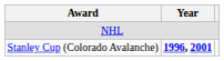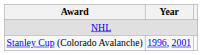 <table class="wikitable">
 <tr>
 <th>Award</th>
 <th>Year</th>
 <th></th>
 </tr>
 <tr ALIGN="center" bgcolor="#e0e0e0">
 <td colspan="3"><a href='#'>NHL</a></td>
 </tr>
 <tr>
 <td><a href='#'>Stanley Cup</a> (Colorado Avalanche)</td>
-<td><strong><a href='#'>1996</a>, <a href='#'>2001</a></strong></td>
+<td><a href='#'>1996</a>, <a href='#'>2001</a></td>
 <td></td>
 </tr>
 </table>
